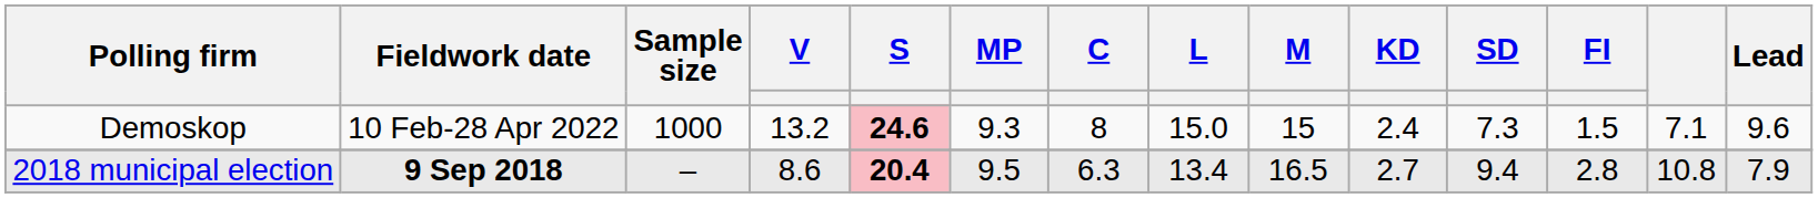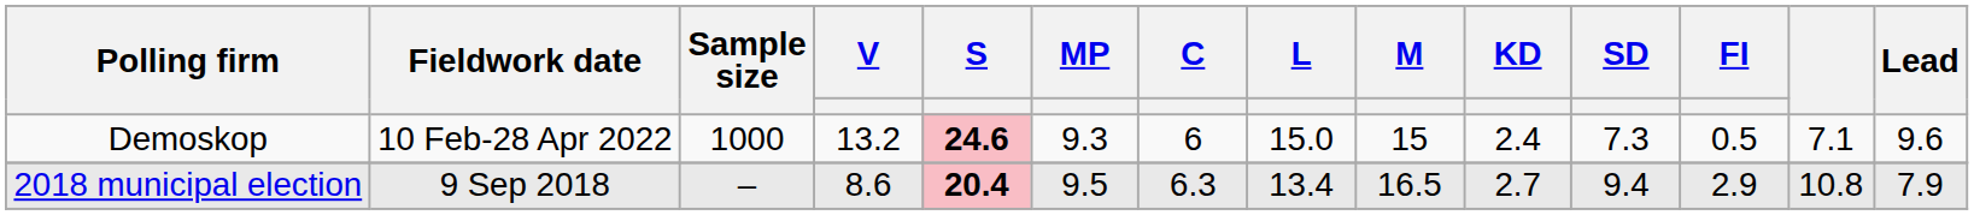 <table class="wikitable sortable" style="text-align:center;font-size:90%;line-height:14px;">
 <tr style="height:40px;">
 <th rowspan="2">Polling firm</th>
 <th rowspan="2">Fieldwork date</th>
 <th rowspan="2">Sample<br>size</th>
 <th class="sortable" style="width:40px;"><a href='#'>V</a></th>
 <th class="sortable" style="width:40px;"><a href='#'>S</a></th>
 <th class="sortable" style="width:40px;"><a href='#'>MP</a></th>
 <th class="sortable" style="width:40px;"><a href='#'>C</a></th>
 <th class="sortable" style="width:40px;"><a href='#'>L</a></th>
 <th class="sortable" style="width:40px;"><a href='#'>M</a></th>
 <th class="sortable" style="width:40px;"><a href='#'>KD</a></th>
 <th class="sortable" style="width:40px;"><a href='#'>SD</a></th>
 <th class="sortable" style="width:40px;"><a href='#'>FI</a></th>
 <th class="sortable" style="width:30px;" rowspan="2"></th>
 <th style="width:30px;" rowspan="2">Lead</th>
 </tr>
 <tr>
 <th style="background:"></th>
 <th style="background:"></th>
 <th style="background:"></th>
 <th style="background:"></th>
 <th style="background:"></th>
 <th style="background:"></th>
 <th style="background:"></th>
 <th style="background:"></th>
 <th style="background:"></th>
 </tr>
 <tr>
 <td>Demoskop</td>
 <td>10 Feb-28 Apr 2022</td>
 <td>1000</td>
 <td>13.2</td>
 <td style="background:#F9BDC5;"><strong>24.6</strong></td>
 <td>9.3</td>
-<td>8</td>
+<td>6</td>
 <td>15.0</td>
 <td>15</td>
 <td>2.4</td>
 <td>7.3</td>
-<td>1.5</td>
+<td>0.5</td>
 <td>7.1</td>
 <td style="background:">9.6</td>
 </tr>
 <tr>
 </tr>
 <tr style="background:#E9E9E9;">
 <td><a href='#'>2018 municipal election</a></td>
-<td data-sort-value="2018-09-09"><strong>9 Sep 2018</strong></td>
+<td data-sort-value="2018-09-09">9 Sep 2018</td>
 <td>–</td>
 <td>8.6</td>
 <td style="background:#F9BDC5;"><strong>20.4</strong></td>
 <td>9.5</td>
 <td>6.3</td>
 <td>13.4</td>
 <td>16.5</td>
 <td>2.7</td>
 <td>9.4</td>
-<td>2.8</td>
+<td>2.9</td>
 <td>10.8</td>
 <td style="background:">7.9</td>
 </tr>
 </table>
